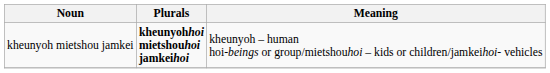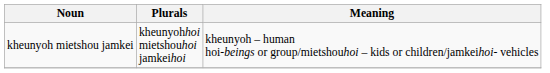 <table class="wikitable">
 <tr>
 <th>Noun</th>
 <th>Plurals</th>
 <th>Meaning</th>
 </tr>
 <tr>
 <td>kheunyoh mietshou jamkei</td>
-<td><strong>kheunyoh<em>hoi</em><br>mietshou<em>hoi</em><br>jamkei<em>hoi</em></strong></td>
+<td>kheunyoh<em>hoi</em><br>mietshou<em>hoi</em><br>jamkei<em>hoi</em></td>
 <td>kheunyoh – human<br>hoi-<em>beings</em> or  group/mietshou<em>hoi</em> – kids or children/jamkei<em>hoi</em>- vehicles</td>
 </tr>
 <tr>
 </tr>
 </table>
